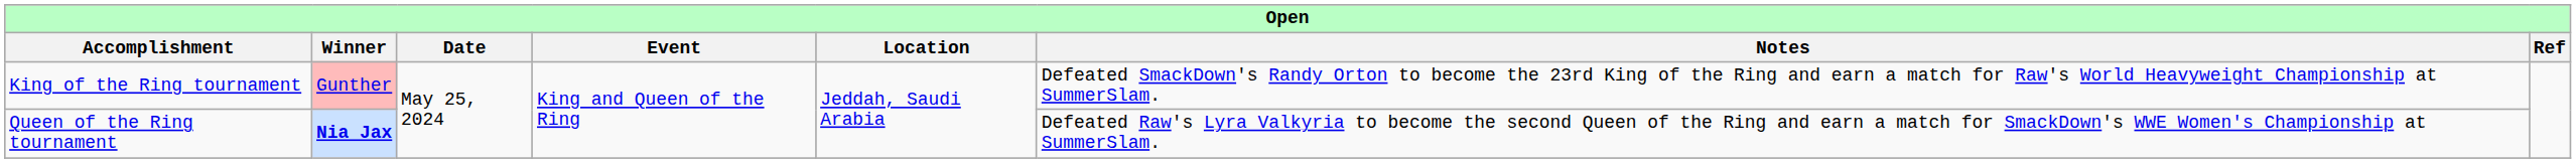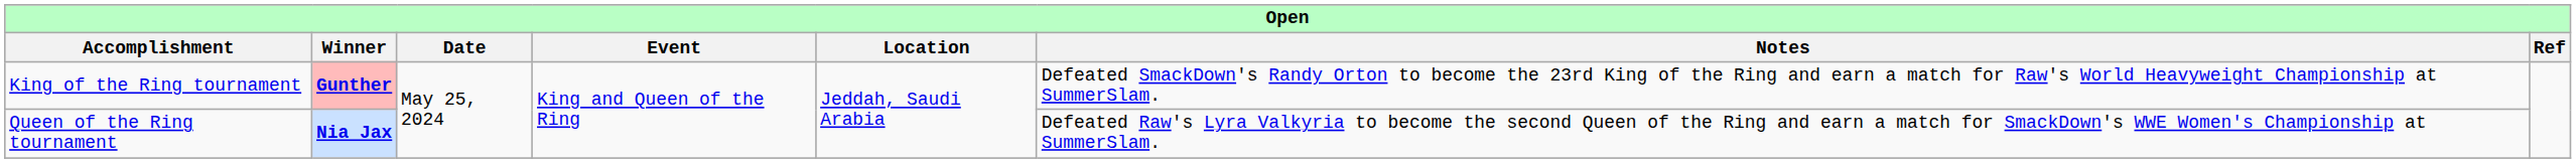 <table class="wikitable" style="font-size: 85%;">
 <tr>
 <th colspan="10" style="background:#B9FFC5;">Open</th>
 </tr>
 <tr>
 <th>Accomplishment</th>
 <th>Winner</th>
 <th>Date</th>
 <th>Event</th>
 <th>Location</th>
 <th>Notes</th>
 <th>Ref</th>
 </tr>
 <tr>
 <td><a href='#'>King of the Ring tournament</a></td>
-<td style="background:#FBB;"align=center><a href='#'>Gunther</a> </td>
+<td style="background:#FBB;"align=center><strong><a href='#'>Gunther</a> </strong></td>
 <td rowspan=2>May 25, 2024</td>
 <td rowspan=2><a href='#'>King and Queen of the Ring</a></td>
 <td rowspan=2><a href='#'>Jeddah, Saudi Arabia</a></td>
 <td>Defeated <a href='#'>SmackDown</a>'s <a href='#'>Randy Orton</a> to become the 23rd King of the Ring and earn a match for <a href='#'>Raw</a>'s <a href='#'>World Heavyweight Championship</a> at <a href='#'>SummerSlam</a>.</td>
 <td rowspan=2></td>
 </tr>
 <tr>
 <td><a href='#'>Queen of the Ring tournament</a></td>
 <td style="background:#CAE1FF;"align=center><strong><a href='#'>Nia Jax</a> </strong></td>
 <td>Defeated <a href='#'>Raw</a>'s <a href='#'>Lyra Valkyria</a> to become the second Queen of the Ring and earn a match for <a href='#'>SmackDown</a>'s <a href='#'>WWE Women's Championship</a> at <a href='#'>SummerSlam</a>.</td>
 </tr>
 </table>
